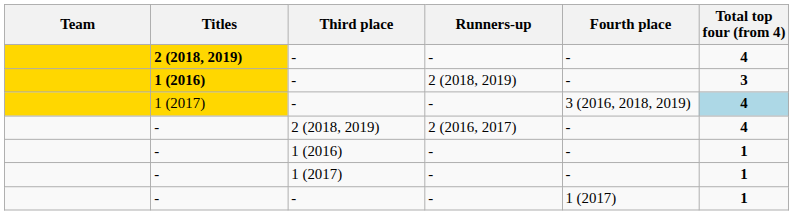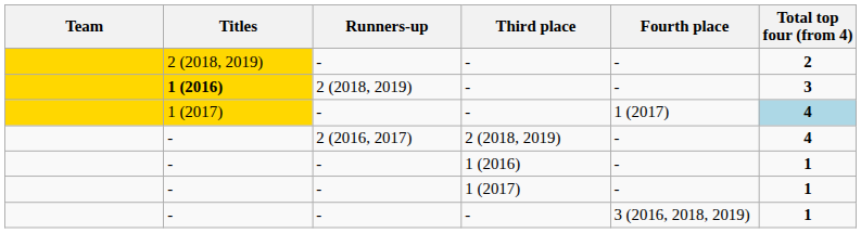 <table class="wikitable">
 <tr>
 <th width=150>Team</th>
 <th width=140>Titles</th>
+<th width=140>Runners-up</th>
 <th width=140>Third place</th>
-<th width=140>Runners-up</th>
 <th width=140>Fourth place</th>
 <th>Total top<br>four (from 4)</th>
 </tr>
 <tr>
 <td bgcolor=gold></td>
-<td bgcolor=gold><strong>2 (2018, 2019)</strong></td>
+<td bgcolor=gold>2 (2018, 2019)</td>
 <td>-</td>
 <td>-</td>
 <td>-</td>
-<td style="text-align: center;"><strong>4</strong></td>
+<td style="text-align: center;"><strong>2</strong></td>
 </tr>
 <tr>
 <td bgcolor=gold></td>
 <td bgcolor=gold><strong>1 (2016)</strong></td>
+<td>2 (2018, 2019)</td>
 <td>-</td>
-<td>2 (2018, 2019)</td>
 <td>-</td>
 <td style="text-align: center;"><strong>3</strong></td>
 </tr>
 <tr>
 <td bgcolor=gold></td>
 <td bgcolor=gold>1 (2017)</td>
 <td>-</td>
 <td>-</td>
-<td>3 (2016, 2018, 2019)</td>
+<td>1 (2017)</td>
 <td style="background: lightblue; text-align: center;"><strong>4</strong></td>
 </tr>
 <tr>
 <td></td>
 <td>-</td>
+<td>2 (2016, 2017)</td>
 <td>2 (2018, 2019)</td>
-<td>2 (2016, 2017)</td>
 <td>-</td>
 <td style="text-align: center;"><strong>4</strong></td>
 </tr>
 <tr>
 <td></td>
 <td>-</td>
+<td>-</td>
 <td>1 (2016)</td>
-<td>-</td>
 <td>-</td>
 <td style="text-align: center;"><strong>1</strong></td>
 </tr>
 <tr>
 <td></td>
 <td>-</td>
+<td>-</td>
 <td>1 (2017)</td>
-<td>-</td>
 <td>-</td>
 <td style="text-align: center;"><strong>1</strong></td>
 </tr>
 <tr>
 <td></td>
 <td>-</td>
 <td>-</td>
 <td>-</td>
-<td>1 (2017)</td>
+<td>3 (2016, 2018, 2019)</td>
 <td style="text-align: center;"><strong>1</strong></td>
 </tr>
 </table>
